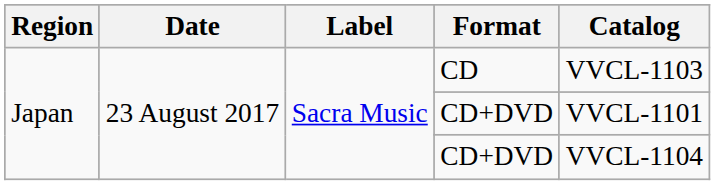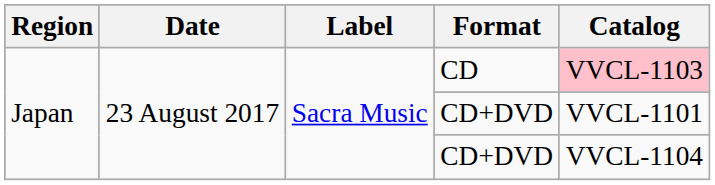 <table class="wikitable">
 <tr>
 <th>Region</th>
 <th>Date</th>
 <th>Label</th>
 <th>Format</th>
 <th>Catalog</th>
 </tr>
 <tr>
 <td rowspan="3">Japan</td>
 <td rowspan="3">23 August 2017</td>
 <td rowspan="3"><a href='#'>Sacra Music</a></td>
 <td>CD</td>
-<td>VVCL-1103</td>
+<td style="background: pink;">VVCL-1103</td>
 </tr>
 <tr>
 <td>CD+DVD</td>
 <td>VVCL-1101</td>
 </tr>
 <tr>
 <td>CD+DVD</td>
 <td>VVCL-1104</td>
 </tr>
 </table>
